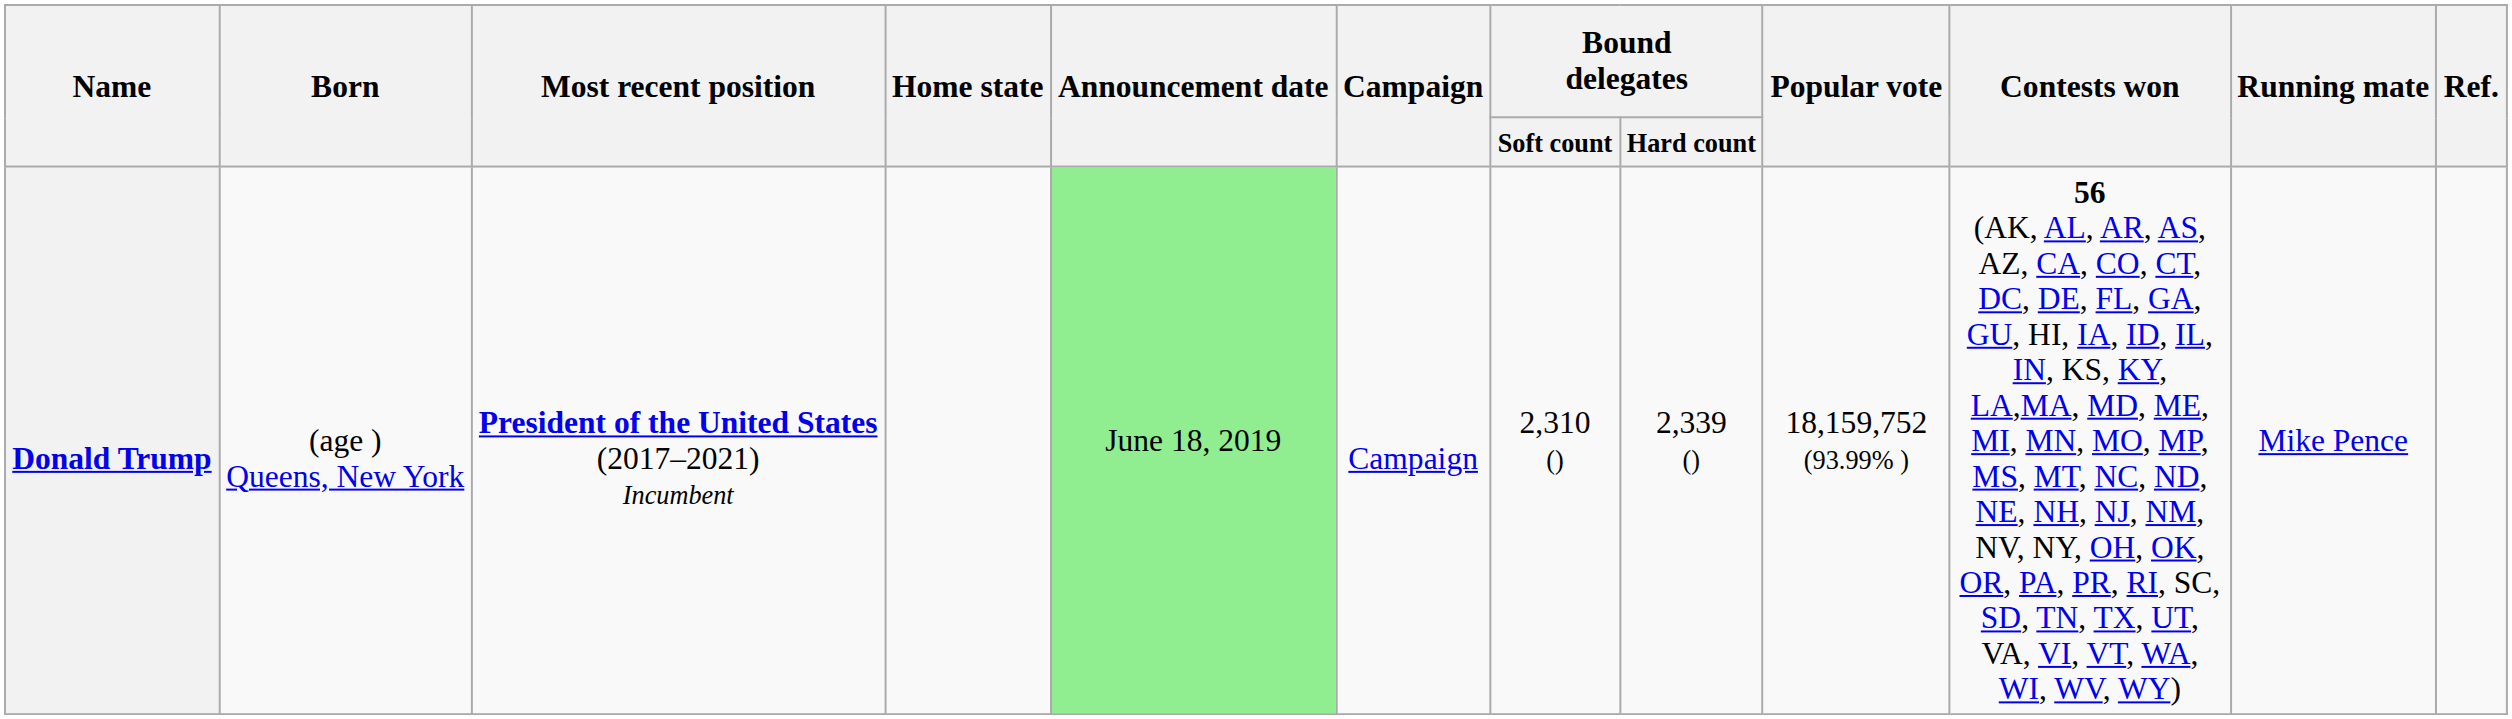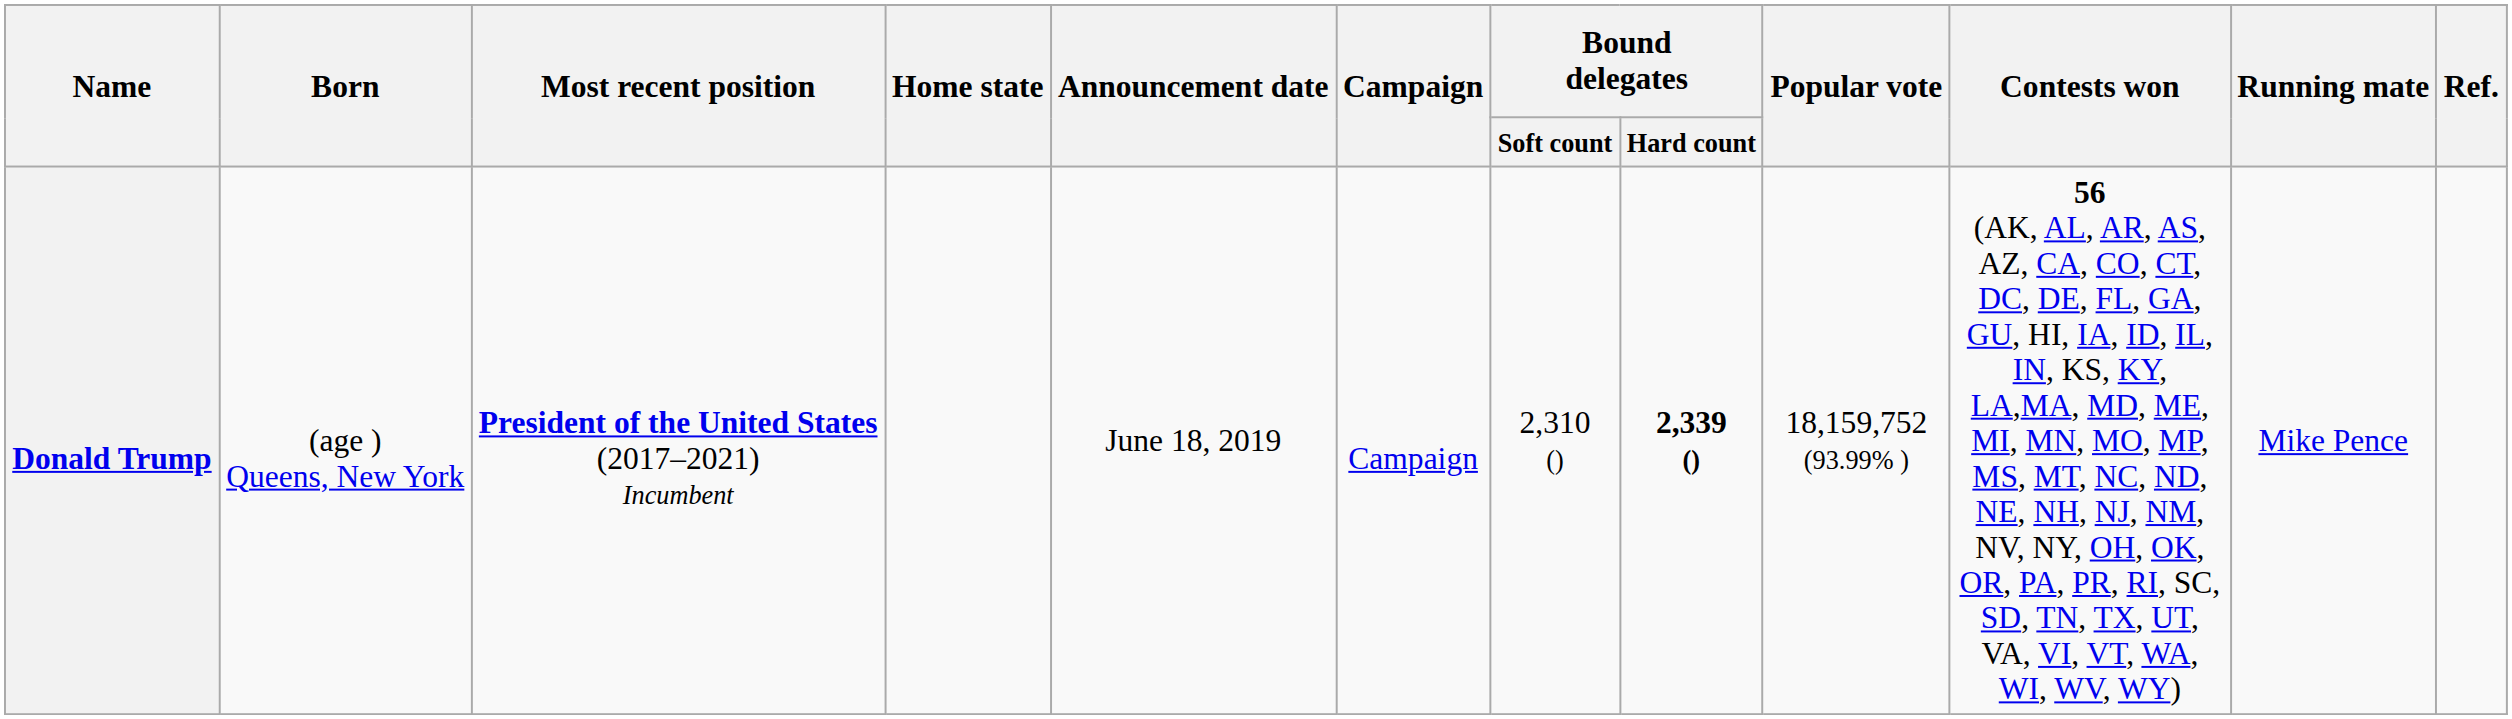 <table class="wikitable sortable" style="text-align:center;">
 <tr>
 <th rowspan=2>Name</th>
 <th rowspan=2>Born</th>
 <th rowspan=2>Most recent position</th>
 <th rowspan=2>Home state</th>
 <th rowspan=2>Announcement date</th>
 <th rowspan=2>Campaign <br></th>
 <th colspan=2 style="padding:10px;">Bound<br>delegates</th>
 <th rowspan=2>Popular vote</th>
 <th rowspan=2 scope="col" style="width: 135px;">Contests won</th>
 <th rowspan=2>Running mate</th>
 <th rowspan=2>Ref.</th>
 </tr>
 <tr>
 <th><small>Soft count</small></th>
 <th><small>Hard count</small></th>
 </tr>
 <tr>
 <th><br><strong><a href='#'>Donald Trump</a></strong></th>
 <td><br>(age )<br><a href='#'>Queens, New York</a></td>
 <td><strong><a href='#'></a><br><a href='#'>President of the United States</a></strong><br>(2017–2021)<br><small><em>Incumbent</em></small></td>
 <td></td>
-<td style="background: lightgreen;">June 18, 2019</td>
+<td>June 18, 2019</td>
 <td><br><a href='#'>Campaign</a><br></td>
 <td data-sort-value="2,310">2,310 <br><small>()</small></td>
-<td data-sort-value="2,339">2,339 <br><small>()</small></td>
+<td data-sort-value="2,339"><strong>2,339 <br><small>()</small></strong></td>
 <td data-sort-value="None">18,159,752<br><small>(93.99% )</small></td>
 <td data-sort-value="1"><strong>56</strong><br> (AK, <a href='#'>AL</a>, <a href='#'>AR</a>, <a href='#'>AS</a>, AZ, <a href='#'>CA</a>, <a href='#'>CO</a>, <a href='#'>CT</a>, <a href='#'>DC</a>, <a href='#'>DE</a>, <a href='#'>FL</a>, <a href='#'>GA</a>, <a href='#'>GU</a>, HI, <a href='#'>IA</a>, <a href='#'>ID</a>, <a href='#'>IL</a>, <a href='#'>IN</a>, KS, <a href='#'>KY</a>, <a href='#'>LA</a>,<a href='#'>MA</a>, <a href='#'>MD</a>, <a href='#'>ME</a>, <a href='#'>MI</a>, <a href='#'>MN</a>, <a href='#'>MO</a>, <a href='#'>MP</a>, <a href='#'>MS</a>, <a href='#'>MT</a>, <a href='#'>NC</a>, <a href='#'>ND</a>, <a href='#'>NE</a>, <a href='#'>NH</a>, <a href='#'>NJ</a>, <a href='#'>NM</a>, NV, NY, <a href='#'>OH</a>, <a href='#'>OK</a>, <a href='#'>OR</a>, <a href='#'>PA</a>, <a href='#'>PR</a>, <a href='#'>RI</a>, SC, <a href='#'>SD</a>, <a href='#'>TN</a>, <a href='#'>TX</a>, <a href='#'>UT</a>, VA, <a href='#'>VI</a>, <a href='#'>VT</a>, <a href='#'>WA</a>, <a href='#'>WI</a>, <a href='#'>WV</a>, <a href='#'>WY</a>)</td>
 <td><a href='#'>Mike Pence</a></td>
 <td></td>
 </tr>
 </table>
